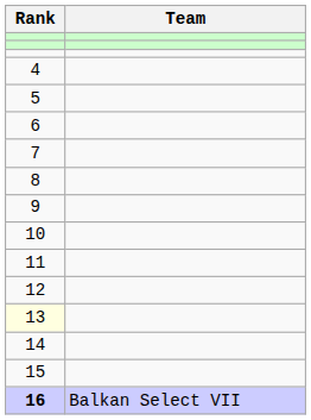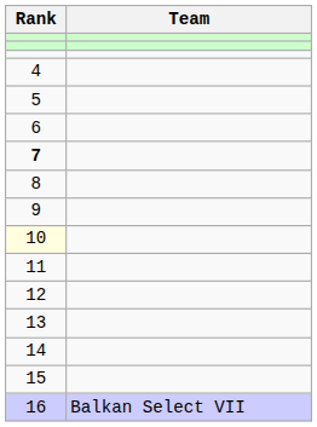 <table class="wikitable" style="text-align: center;">
 <tr>
 <th width=40>Rank</th>
 <th width=180>Team</th>
 </tr>
 <tr bgcolor=ccffcc>
 <td></td>
 <td align=left></td>
 </tr>
 <tr bgcolor=ccffcc>
 <td></td>
 <td align=left></td>
 </tr>
 <tr>
 <td></td>
 <td align=left></td>
 </tr>
 <tr>
 <td>4</td>
 <td align=left></td>
 </tr>
 <tr>
 <td>5</td>
 <td align=left></td>
 </tr>
 <tr>
 <td>6</td>
 <td align=left></td>
 </tr>
 <tr>
-<td>7</td>
+<td><strong>7</strong></td>
 <td align=left></td>
 </tr>
 <tr>
 <td>8</td>
 <td align=left></td>
 </tr>
 <tr>
 <td>9</td>
 <td align=left></td>
 </tr>
 <tr>
-<td>10</td>
+<td style="background: lightyellow;">10</td>
 <td align=left></td>
 </tr>
 <tr>
 <td>11</td>
 <td align=left></td>
 </tr>
 <tr>
 <td>12</td>
 <td align=left></td>
 </tr>
 <tr>
-<td style="background: lightyellow;">13</td>
+<td>13</td>
 <td align=left></td>
 </tr>
 <tr>
 <td>14</td>
 <td align=left></td>
 </tr>
 <tr>
 <td>15</td>
 <td align=left></td>
 </tr>
 <tr bgcolor=ccccff>
-<td><strong>16</strong></td>
+<td>16</td>
 <td align=left>Balkan Select VII</td>
 </tr>
 </table>
